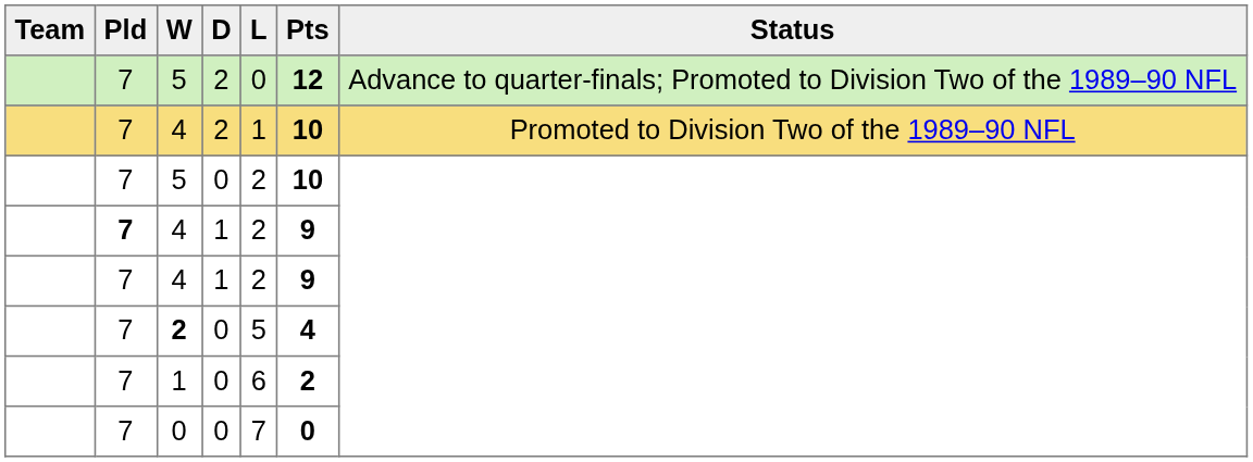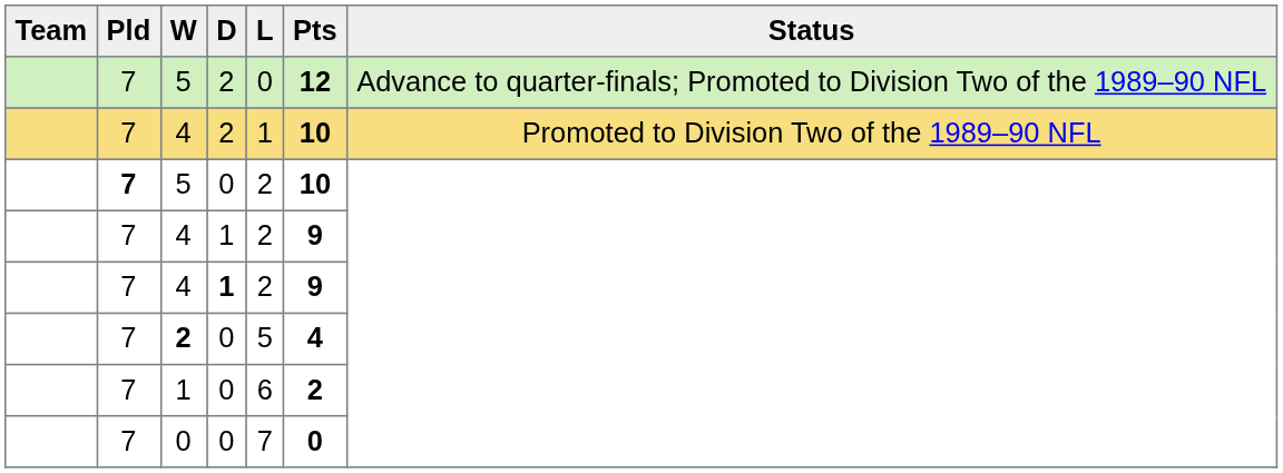 <table style=border-collapse:collapse border=1 cellspacing=0 cellpadding=5>
 <tr align=center bgcolor=#efefef>
 <th>Team</th>
 <th>Pld</th>
 <th>W</th>
 <th>D</th>
 <th>L</th>
 <th>Pts</th>
 <th>Status</th>
 </tr>
 <tr align=center style="background:#D0F0C0;">
 <td style="text-align:left;"> </td>
 <td>7</td>
 <td>5</td>
 <td>2</td>
 <td>0</td>
 <td><strong>12</strong></td>
 <td rowspan=1>Advance to quarter-finals; Promoted to Division Two of the <a href='#'>1989–90 NFL</a></td>
 </tr>
 <tr align=center style="background:#F8DE7E;">
 <td style="text-align:left;"> </td>
 <td>7</td>
 <td>4</td>
 <td>2</td>
 <td>1</td>
 <td><strong>10</strong></td>
 <td rowspan=1>Promoted to Division Two of the <a href='#'>1989–90 NFL</a></td>
 </tr>
 <tr align=center style="background:#FFFFFF;">
 <td style="text-align:left;"> </td>
-<td>7</td>
+<td><strong>7</strong></td>
 <td>5</td>
 <td>0</td>
 <td>2</td>
 <td><strong>10</strong></td>
 <td rowspan=6></td>
 </tr>
 <tr align=center style="background:#FFFFFF;">
 <td style="text-align:left;"> </td>
-<td><strong>7</strong></td>
+<td>7</td>
 <td>4</td>
 <td>1</td>
 <td>2</td>
 <td><strong>9</strong></td>
 </tr>
 <tr align=center style="background:#FFFFFF;">
 <td style="text-align:left;"> </td>
 <td>7</td>
 <td>4</td>
-<td>1</td>
+<td><strong>1</strong></td>
 <td>2</td>
 <td><strong>9</strong></td>
 </tr>
 <tr align=center style="background:#FFFFFF;">
 <td style="text-align:left;"> </td>
 <td>7</td>
 <td><strong>2</strong></td>
 <td>0</td>
 <td>5</td>
 <td><strong>4</strong></td>
 </tr>
 <tr align=center style="background:#FFFFFF;">
 <td style="text-align:left;"> </td>
 <td>7</td>
 <td>1</td>
 <td>0</td>
 <td>6</td>
 <td><strong>2</strong></td>
 </tr>
 <tr align=center style="background:#FFFFFF;">
 <td style="text-align:left;"> </td>
 <td>7</td>
 <td>0</td>
 <td>0</td>
 <td>7</td>
 <td><strong>0</strong></td>
 </tr>
 </table>
